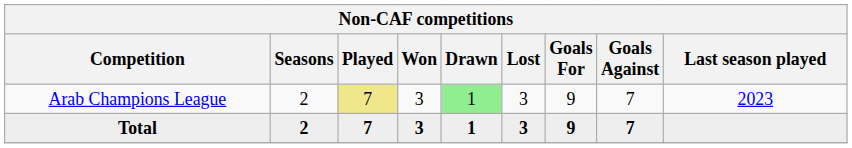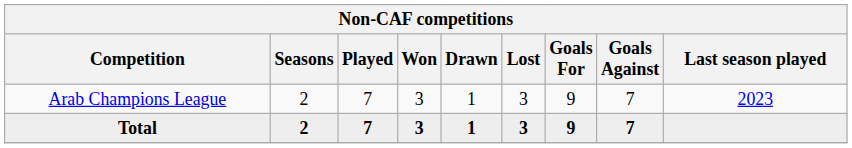 <table class="wikitable" style="font-size:95%; text-align: center;">
 <tr>
 <th colspan="9">Non-CAF competitions</th>
 </tr>
 <tr>
 <th width="220">Competition</th>
 <th width="30">Seasons</th>
 <th width="30">Played</th>
 <th width="30">Won</th>
 <th width="30">Drawn</th>
 <th width="30">Lost</th>
 <th width="30">Goals For</th>
 <th width="30">Goals Against</th>
 <th width="150">Last season played</th>
 </tr>
 <tr>
 <td><a href='#'>Arab Champions League</a></td>
 <td>2</td>
-<td style="background: khaki;">7</td>
+<td>7</td>
 <td>3</td>
-<td style="background: lightgreen;">1</td>
+<td>1</td>
 <td>3</td>
 <td>9</td>
 <td>7</td>
 <td><a href='#'>2023</a></td>
 </tr>
 <tr bgcolor=#EEEEEE>
 <td><strong>Total</strong></td>
 <td><strong>2</strong></td>
 <td><strong>7</strong></td>
 <td><strong>3</strong></td>
 <td><strong>1</strong></td>
 <td><strong>3</strong></td>
 <td><strong>9</strong></td>
 <td><strong>7</strong></td>
 <td></td>
 </tr>
 <tr>
 </tr>
 </table>
